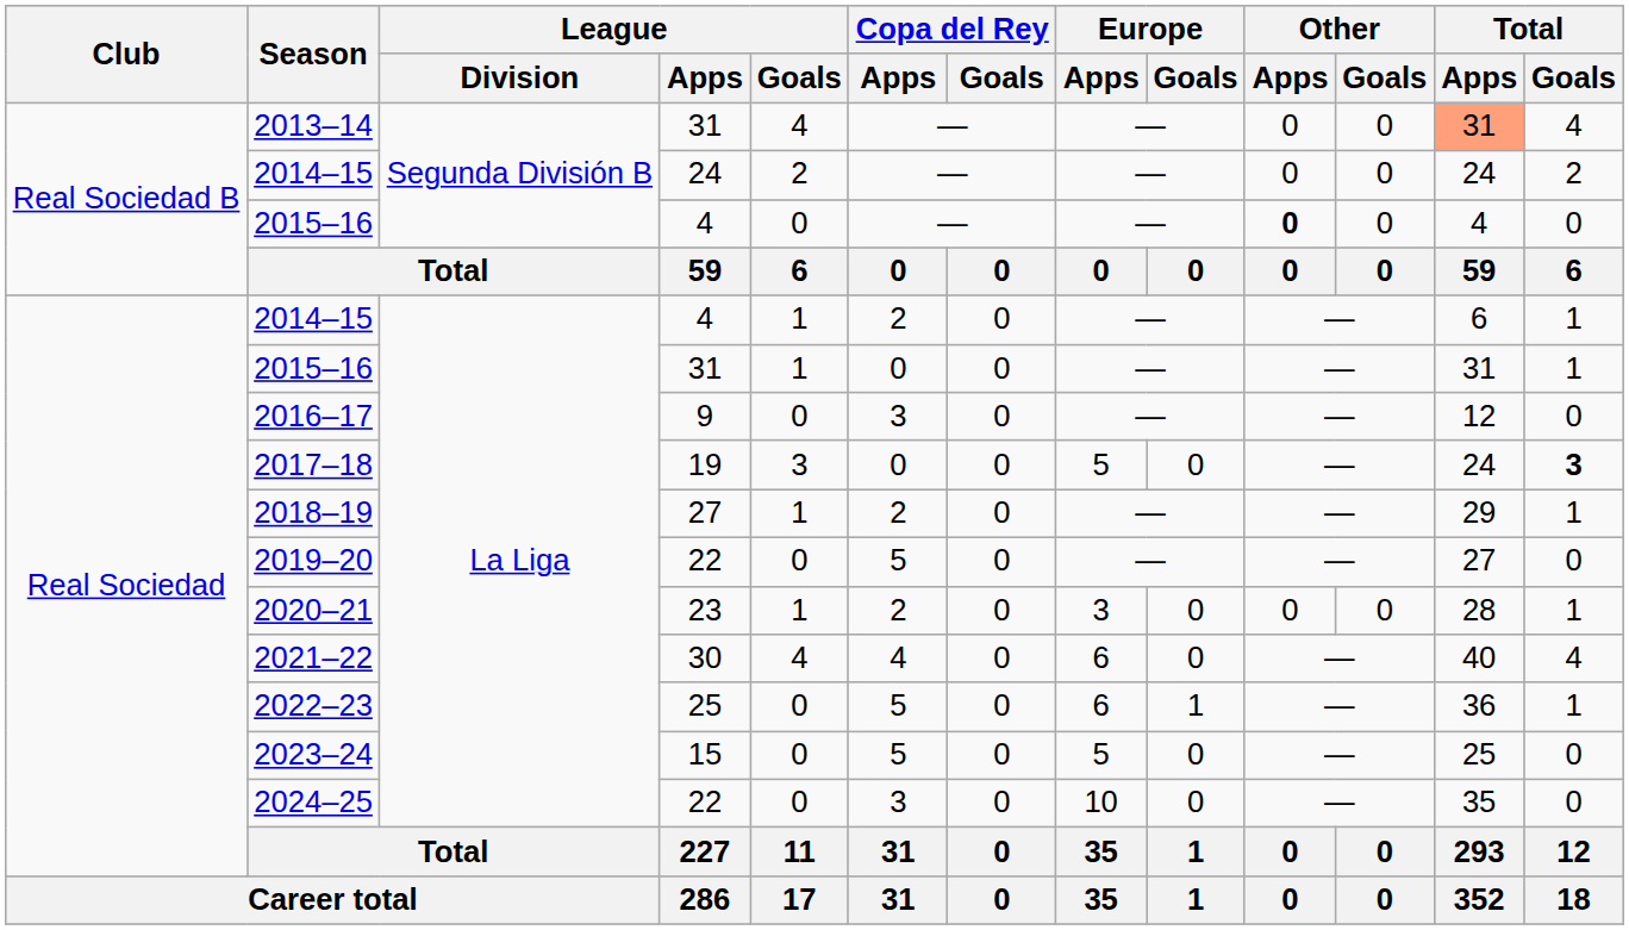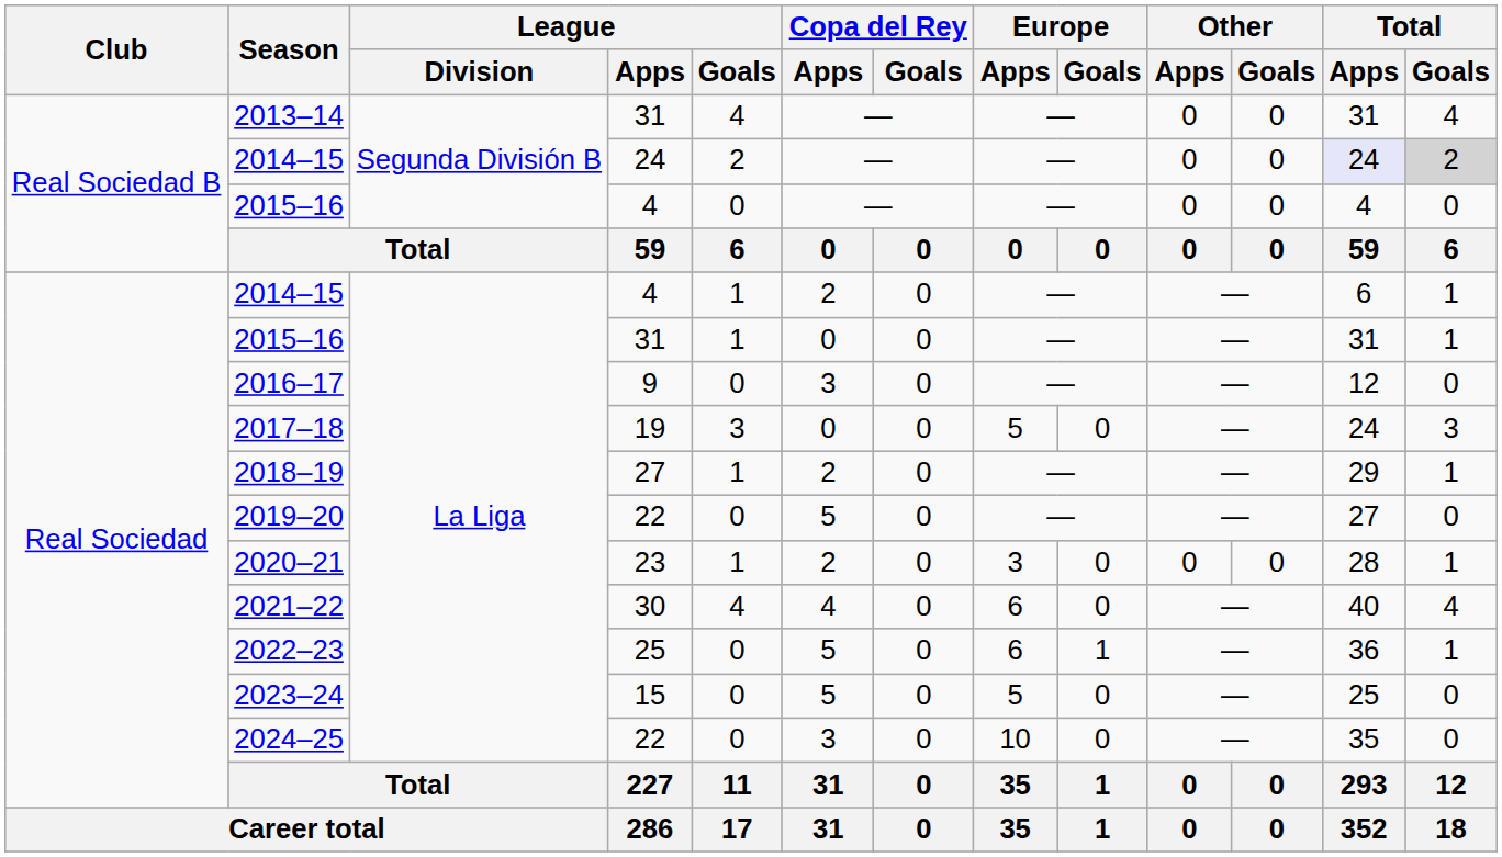 <table class="wikitable" style="text-align:center">
 <tr>
 <th rowspan="2">Club</th>
 <th rowspan="2">Season</th>
 <th colspan="3">League</th>
 <th colspan="2"><a href='#'>Copa del Rey</a></th>
 <th colspan="2">Europe</th>
 <th colspan="2">Other</th>
 <th colspan="2">Total</th>
 </tr>
 <tr>
 <th>Division</th>
 <th>Apps</th>
 <th>Goals</th>
 <th>Apps</th>
 <th>Goals</th>
 <th>Apps</th>
 <th>Goals</th>
 <th>Apps</th>
 <th>Goals</th>
 <th>Apps</th>
 <th>Goals</th>
 </tr>
 <tr>
 <td rowspan="4"><a href='#'>Real Sociedad B</a></td>
 <td><a href='#'>2013–14</a></td>
 <td rowspan="3"><a href='#'>Segunda División B</a></td>
 <td>31</td>
 <td>4</td>
 <td colspan="2">—</td>
 <td colspan="2">—</td>
 <td>0</td>
 <td>0</td>
-<td style="background: lightsalmon;">31</td>
+<td>31</td>
 <td>4</td>
 </tr>
 <tr>
 <td><a href='#'>2014–15</a></td>
 <td>24</td>
 <td>2</td>
 <td colspan="2">—</td>
 <td colspan="2">—</td>
 <td>0</td>
 <td>0</td>
-<td>24</td>
-<td>2</td>
+<td style="background: lavender;">24</td>
+<td style="background: lightgrey;">2</td>
 </tr>
 <tr>
 <td><a href='#'>2015–16</a></td>
 <td>4</td>
 <td>0</td>
 <td colspan="2">—</td>
 <td colspan="2">—</td>
-<td><strong>0</strong></td>
+<td>0</td>
 <td>0</td>
 <td>4</td>
 <td>0</td>
 </tr>
 <tr>
 <th colspan="2">Total</th>
 <th>59</th>
 <th>6</th>
 <th>0</th>
 <th>0</th>
 <th>0</th>
 <th>0</th>
 <th>0</th>
 <th>0</th>
 <th>59</th>
 <th>6</th>
 </tr>
 <tr>
 <td rowspan="12"><a href='#'>Real Sociedad</a></td>
 <td><a href='#'>2014–15</a></td>
 <td rowspan="11"><a href='#'>La Liga</a></td>
 <td>4</td>
 <td>1</td>
 <td>2</td>
 <td>0</td>
 <td colspan="2">—</td>
 <td colspan="2">—</td>
 <td>6</td>
 <td>1</td>
 </tr>
 <tr>
 <td><a href='#'>2015–16</a></td>
 <td>31</td>
 <td>1</td>
 <td>0</td>
 <td>0</td>
 <td colspan="2">—</td>
 <td colspan="2">—</td>
 <td>31</td>
 <td>1</td>
 </tr>
 <tr>
 <td><a href='#'>2016–17</a></td>
 <td>9</td>
 <td>0</td>
 <td>3</td>
 <td>0</td>
 <td colspan="2">—</td>
 <td colspan="2">—</td>
 <td>12</td>
 <td>0</td>
 </tr>
 <tr>
 <td><a href='#'>2017–18</a></td>
 <td>19</td>
 <td>3</td>
 <td>0</td>
 <td>0</td>
 <td>5</td>
 <td>0</td>
 <td colspan="2">—</td>
 <td>24</td>
-<td><strong>3</strong></td>
+<td>3</td>
 </tr>
 <tr>
 <td><a href='#'>2018–19</a></td>
 <td>27</td>
 <td>1</td>
 <td>2</td>
 <td>0</td>
 <td colspan="2">—</td>
 <td colspan="2">—</td>
 <td>29</td>
 <td>1</td>
 </tr>
 <tr>
 <td><a href='#'>2019–20</a></td>
 <td>22</td>
 <td>0</td>
 <td>5</td>
 <td>0</td>
 <td colspan="2">—</td>
 <td colspan="2">—</td>
 <td>27</td>
 <td>0</td>
 </tr>
 <tr>
 <td><a href='#'>2020–21</a></td>
 <td>23</td>
 <td>1</td>
 <td>2</td>
 <td>0</td>
 <td>3</td>
 <td>0</td>
 <td>0</td>
 <td>0</td>
 <td>28</td>
 <td>1</td>
 </tr>
 <tr>
 <td><a href='#'>2021–22</a></td>
 <td>30</td>
 <td>4</td>
 <td>4</td>
 <td>0</td>
 <td>6</td>
 <td>0</td>
 <td colspan="2">—</td>
 <td>40</td>
 <td>4</td>
 </tr>
 <tr>
 <td><a href='#'>2022–23</a></td>
 <td>25</td>
 <td>0</td>
 <td>5</td>
 <td>0</td>
 <td>6</td>
 <td>1</td>
 <td colspan="2">—</td>
 <td>36</td>
 <td>1</td>
 </tr>
 <tr>
 <td><a href='#'>2023–24</a></td>
 <td>15</td>
 <td>0</td>
 <td>5</td>
 <td>0</td>
 <td>5</td>
 <td>0</td>
 <td colspan="2">—</td>
 <td>25</td>
 <td>0</td>
 </tr>
 <tr>
 <td><a href='#'>2024–25</a></td>
 <td>22</td>
 <td>0</td>
 <td>3</td>
 <td>0</td>
 <td>10</td>
 <td>0</td>
 <td colspan="2">—</td>
 <td>35</td>
 <td>0</td>
 </tr>
 <tr>
 <th colspan="2">Total</th>
 <th>227</th>
 <th>11</th>
 <th>31</th>
 <th>0</th>
 <th>35</th>
 <th>1</th>
 <th>0</th>
 <th>0</th>
 <th>293</th>
 <th>12</th>
 </tr>
 <tr>
 <th colspan="3">Career total</th>
 <th>286</th>
 <th>17</th>
 <th>31</th>
 <th>0</th>
 <th>35</th>
 <th>1</th>
 <th>0</th>
 <th>0</th>
 <th>352</th>
 <th>18</th>
 </tr>
 </table>
